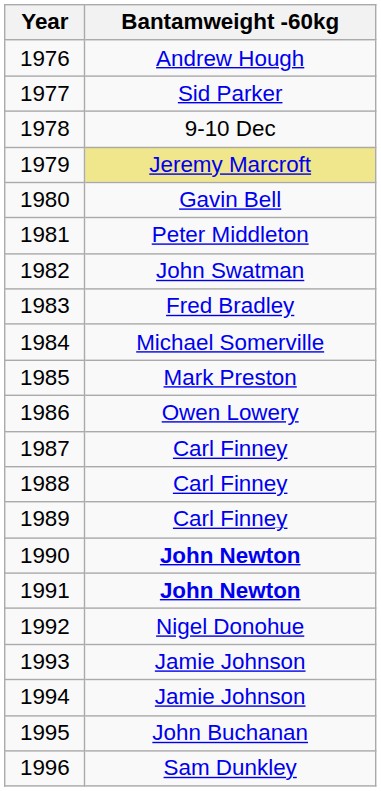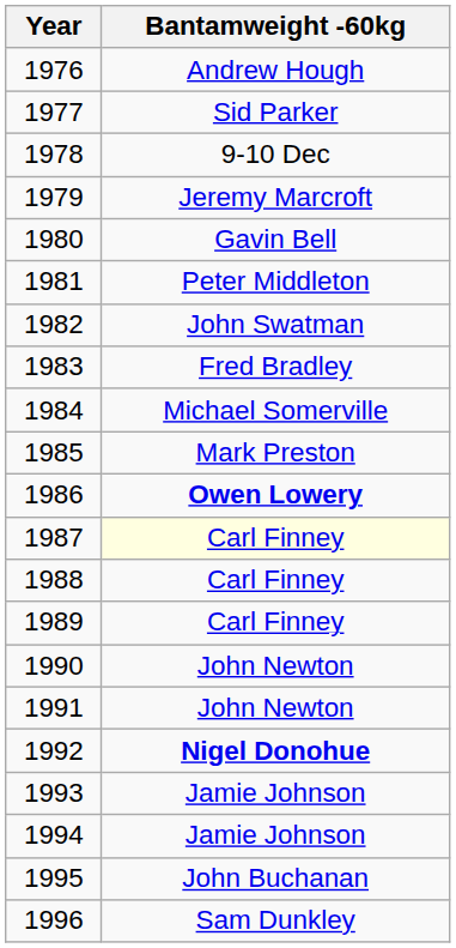 <table class="wikitable" style="text-align:center">
 <tr>
 <th width=50>Year</th>
 <th width=200>Bantamweight -60kg</th>
 </tr>
 <tr>
 <td>1976</td>
 <td><a href='#'>Andrew Hough</a></td>
 </tr>
 <tr>
 <td>1977</td>
 <td><a href='#'>Sid Parker</a></td>
 </tr>
 <tr>
 <td>1978</td>
 <td>9-10 Dec</td>
 </tr>
 <tr>
 <td>1979</td>
-<td style="background: khaki;"><a href='#'>Jeremy Marcroft</a></td>
+<td><a href='#'>Jeremy Marcroft</a></td>
 </tr>
 <tr>
 <td>1980</td>
 <td><a href='#'>Gavin Bell</a></td>
 </tr>
 <tr>
 <td>1981</td>
 <td><a href='#'>Peter Middleton</a></td>
 </tr>
 <tr>
 <td>1982</td>
 <td><a href='#'>John Swatman</a></td>
 </tr>
 <tr>
 <td>1983</td>
 <td><a href='#'>Fred Bradley</a></td>
 </tr>
 <tr>
 <td>1984</td>
 <td><a href='#'>Michael Somerville</a></td>
 </tr>
 <tr>
 <td>1985</td>
 <td><a href='#'>Mark Preston</a></td>
 </tr>
 <tr>
 <td>1986</td>
-<td><a href='#'>Owen Lowery</a></td>
+<td><strong><a href='#'>Owen Lowery</a></strong></td>
 </tr>
 <tr>
 <td>1987</td>
-<td><a href='#'>Carl Finney</a></td>
+<td style="background: lightyellow;"><a href='#'>Carl Finney</a></td>
 </tr>
 <tr>
 <td>1988</td>
 <td><a href='#'>Carl Finney</a></td>
 </tr>
 <tr>
 <td>1989</td>
 <td><a href='#'>Carl Finney</a></td>
 </tr>
 <tr>
 <td>1990</td>
-<td><strong><a href='#'>John Newton</a></strong></td>
+<td><a href='#'>John Newton</a></td>
 </tr>
 <tr>
 <td>1991</td>
-<td><strong><a href='#'>John Newton</a></strong></td>
+<td><a href='#'>John Newton</a></td>
 </tr>
 <tr>
 <td>1992</td>
-<td><a href='#'>Nigel Donohue</a></td>
+<td><strong><a href='#'>Nigel Donohue</a></strong></td>
 </tr>
 <tr>
 <td>1993</td>
 <td><a href='#'>Jamie Johnson</a></td>
 </tr>
 <tr>
 <td>1994</td>
 <td><a href='#'>Jamie Johnson</a></td>
 </tr>
 <tr>
 <td>1995</td>
 <td><a href='#'>John Buchanan</a></td>
 </tr>
 <tr>
 <td>1996</td>
 <td><a href='#'>Sam Dunkley</a></td>
 </tr>
 </table>
